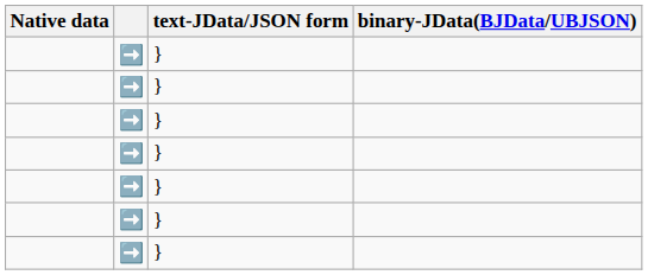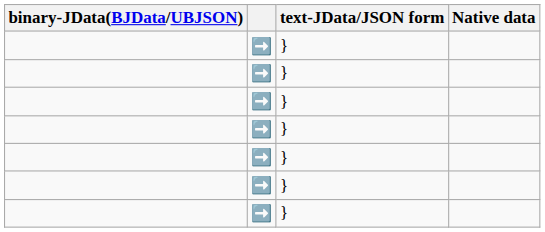 <table class="wikitable tpl-blanktable">
 <tr>
-<th>Native data</th>
+<th>binary-JData(<a href='#'>BJData</a>/<a href='#'>UBJSON</a>)</th>
 <th></th>
 <th>text-JData/JSON form</th>
-<th>binary-JData(<a href='#'>BJData</a>/<a href='#'>UBJSON</a>)</th>
+<th>Native data</th>
 </tr>
 <tr>
 <td></td>
 <td>➡️</td>
 <td>}</td>
 <td></td>
 </tr>
 <tr>
 <td></td>
 <td>➡️</td>
 <td>}</td>
 <td></td>
 </tr>
 <tr>
 <td></td>
 <td>➡️</td>
 <td>}</td>
 <td></td>
 </tr>
 <tr>
 <td></td>
 <td>➡️</td>
 <td>}</td>
 <td></td>
 </tr>
 <tr>
 <td></td>
 <td>➡️</td>
 <td>}</td>
 <td></td>
 </tr>
 <tr>
 <td></td>
 <td>➡️</td>
 <td>}</td>
 <td></td>
 </tr>
 <tr>
 <td></td>
 <td>➡️</td>
 <td>}</td>
 <td></td>
 </tr>
 </table>
